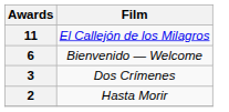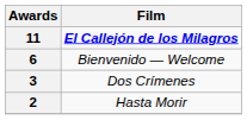 <table class="wikitable plainrowheaders" style="text-align:center;">
 <tr>
 <th scope="col" width="55">Awards</th>
 <th scope="col" align="center">Film</th>
 </tr>
 <tr>
 <th scope=row rowspan=1 style="text-align:center">11</th>
-<td><em><a href='#'>El Callejón de los Milagros</a></em></td>
+<td><strong><em><a href='#'>El Callejón de los Milagros</a></em></strong></td>
 </tr>
 <tr>
 <th scope=row rowspan=1 style="text-align:center">6</th>
 <td><em>Bienvenido — Welcome</em></td>
 </tr>
 <tr>
 <th scope=row rowspan=1 style="text-align:center">3</th>
 <td><em>Dos Crímenes</em></td>
 </tr>
 <tr>
 <th scope=row rowspan=1 style="text-align:center">2</th>
 <td><em>Hasta Morir</em></td>
 </tr>
 <tr>
 </tr>
 </table>
